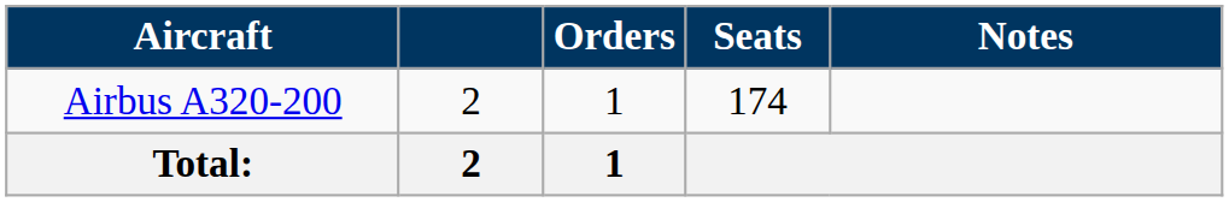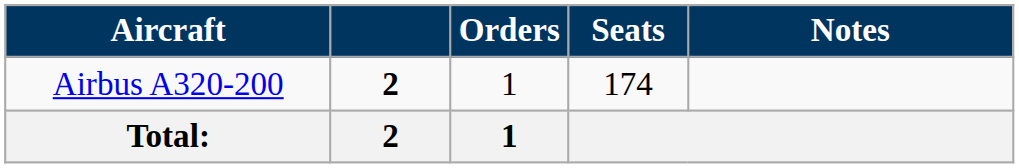 <table class="wikitable" style="border-collapse:collapse;text-align:center;  margin: 1em auto;">
 <tr>
 <th style="background:#003560; color:white; width:150px;">Aircraft</th>
 <th style="background:#003560; color:white; width:50px;"></th>
 <th style="background:#003560; color:white; width:50px;">Orders</th>
 <th style="background:#003560; color:white; width:50px;">Seats</th>
 <th class="unsortable" style="background:#003560; color:white; width:150px;">Notes</th>
 </tr>
 <tr>
 <td><a href='#'>Airbus A320-200</a></td>
-<td>2</td>
+<td><strong>2</strong></td>
 <td>1</td>
 <td>174</td>
 <td></td>
 </tr>
 <tr>
 <th>Total:</th>
 <th>2</th>
 <th>1</th>
 <th colspan="2"></th>
 </tr>
 </table>
